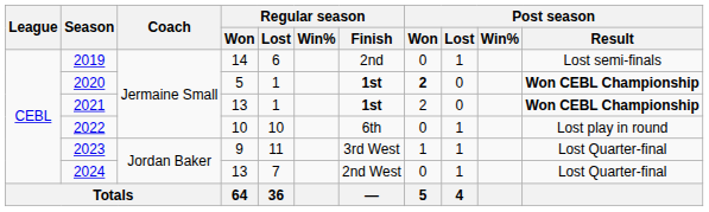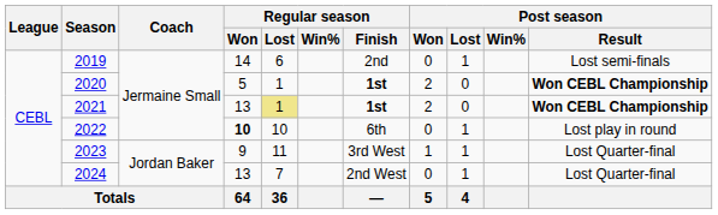 <table class="wikitable" style="font-size: 95%; text-align:center;">
 <tr>
 <th rowspan=2>League</th>
 <th rowspan="2">Season</th>
 <th rowspan="2">Coach</th>
 <th colspan="4">Regular season</th>
 <th colspan="4">Post season</th>
 </tr>
 <tr>
 <th>Won</th>
 <th>Lost</th>
 <th>Win%</th>
 <th>Finish</th>
 <th>Won</th>
 <th>Lost</th>
 <th>Win%</th>
 <th>Result</th>
 </tr>
 <tr>
 <td rowspan="6"><a href='#'>CEBL</a></td>
 <td><a href='#'>2019</a></td>
 <td rowspan="4">Jermaine Small</td>
 <td>14</td>
 <td>6</td>
 <td></td>
 <td>2nd</td>
 <td>0</td>
 <td>1</td>
 <td></td>
 <td>Lost semi-finals</td>
 </tr>
 <tr>
 <td><a href='#'>2020</a></td>
 <td>5</td>
 <td>1</td>
 <td></td>
 <td><strong>1st</strong></td>
-<td><strong>2</strong></td>
+<td>2</td>
 <td>0</td>
 <td></td>
 <td><strong>Won CEBL Championship</strong></td>
 </tr>
 <tr>
 <td><a href='#'>2021</a></td>
 <td>13</td>
-<td>1</td>
+<td style="background: khaki;">1</td>
 <td></td>
 <td><strong>1st</strong></td>
 <td>2</td>
 <td>0</td>
 <td></td>
 <td><strong>Won CEBL Championship</strong></td>
 </tr>
 <tr>
 <td><a href='#'>2022</a></td>
-<td>10</td>
+<td><strong>10</strong></td>
 <td>10</td>
 <td></td>
 <td>6th</td>
 <td>0</td>
 <td>1</td>
 <td></td>
 <td>Lost play in round</td>
 </tr>
 <tr>
 <td><a href='#'>2023</a></td>
 <td rowspan="2">Jordan Baker</td>
 <td>9</td>
 <td>11</td>
 <td></td>
 <td>3rd West</td>
 <td>1</td>
 <td>1</td>
 <td></td>
 <td>Lost Quarter-final</td>
 </tr>
 <tr>
 <td><a href='#'>2024</a></td>
 <td>13</td>
 <td>7</td>
 <td></td>
 <td>2nd West</td>
 <td>0</td>
 <td>1</td>
 <td></td>
 <td>Lost Quarter-final</td>
 </tr>
 <tr>
 <th colspan="3">Totals</th>
 <th>64</th>
 <th>36</th>
 <th></th>
 <th>—</th>
 <th>5</th>
 <th>4</th>
 <th></th>
 <th></th>
 </tr>
 </table>
